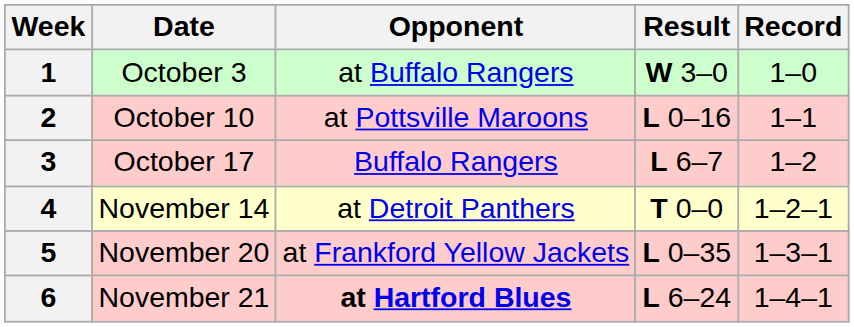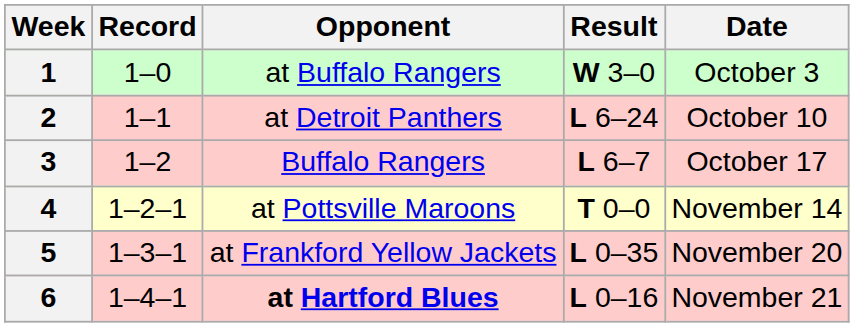 <table class="wikitable" style="text-align:center">
 <tr>
 <th>Week</th>
-<th>Date</th>
+<th>Record</th>
 <th>Opponent</th>
 <th>Result</th>
-<th>Record</th>
+<th>Date</th>
 </tr>
 <tr style="background:#cfc">
 <th>1</th>
-<td>October 3</td>
+<td>1–0</td>
 <td>at <a href='#'>Buffalo Rangers</a></td>
 <td><strong>W</strong> 3–0</td>
-<td>1–0</td>
+<td>October 3</td>
 </tr>
 <tr style="background:#fcc">
 <th>2</th>
+<td>1–1</td>
+<td>at <a href='#'>Detroit Panthers</a></td>
+<td><strong>L</strong> 6–24</td>
 <td>October 10</td>
-<td>at <a href='#'>Pottsville Maroons</a></td>
-<td><strong>L</strong> 0–16</td>
-<td>1–1</td>
 </tr>
 <tr style="background:#fcc">
 <th>3</th>
-<td>October 17</td>
+<td>1–2</td>
 <td><a href='#'>Buffalo Rangers</a></td>
 <td><strong>L</strong> 6–7</td>
-<td>1–2</td>
+<td>October 17</td>
 </tr>
 <tr style="background:#ffc">
 <th>4</th>
+<td>1–2–1</td>
+<td>at <a href='#'>Pottsville Maroons</a></td>
+<td><strong>T</strong> 0–0</td>
 <td>November 14</td>
-<td>at <a href='#'>Detroit Panthers</a></td>
-<td><strong>T</strong> 0–0</td>
-<td>1–2–1</td>
 </tr>
 <tr style="background:#fcc">
 <th>5</th>
-<td>November 20</td>
+<td>1–3–1</td>
 <td>at <a href='#'>Frankford Yellow Jackets</a></td>
 <td><strong>L</strong> 0–35</td>
-<td>1–3–1</td>
+<td>November 20</td>
 </tr>
 <tr style="background:#fcc">
 <th>6</th>
+<td>1–4–1</td>
+<td><strong>at <a href='#'>Hartford Blues</a></strong></td>
+<td><strong>L</strong> 0–16</td>
 <td>November 21</td>
-<td><strong>at <a href='#'>Hartford Blues</a></strong></td>
-<td><strong>L</strong> 6–24</td>
-<td>1–4–1</td>
 </tr>
 </table>
